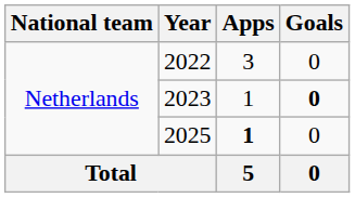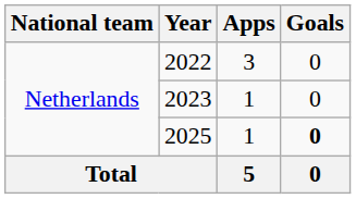 <table class="wikitable" style="text-align:center">
 <tr>
 <th>National team</th>
 <th>Year</th>
 <th>Apps</th>
 <th>Goals</th>
 </tr>
 <tr>
 <td rowspan="3"><a href='#'>Netherlands</a></td>
 <td>2022</td>
 <td>3</td>
 <td>0</td>
 </tr>
 <tr>
 <td>2023</td>
 <td>1</td>
-<td><strong>0</strong></td>
+<td>0</td>
 </tr>
 <tr>
 <td>2025</td>
-<td><strong>1</strong></td>
-<td>0</td>
+<td>1</td>
+<td><strong>0</strong></td>
 </tr>
 <tr>
 <th colspan="2">Total</th>
 <th>5</th>
 <th>0</th>
 </tr>
 </table>
